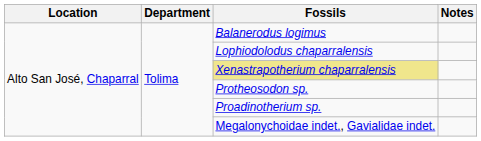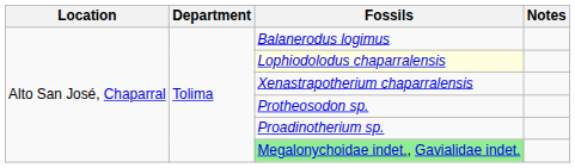 <table class="wikitable sortable mw-collapsible">
 <tr>
 <th>Location</th>
 <th>Department</th>
 <th>Fossils</th>
 <th class=unsortable>Notes</th>
 </tr>
 <tr>
 <td rowspan=6>Alto San José, <a href='#'>Chaparral</a></td>
 <td rowspan=6><a href='#'>Tolima</a></td>
 <td><em><a href='#'>Balanerodus logimus</a></em></td>
 <td></td>
 </tr>
 <tr>
-<td><em><a href='#'>Lophiodolodus chaparralensis</a></em></td>
+<td style="background: lightyellow;"><em><a href='#'>Lophiodolodus chaparralensis</a></em></td>
 <td></td>
 </tr>
 <tr>
-<td style="background: khaki;"><em><a href='#'>Xenastrapotherium chaparralensis</a></em></td>
+<td><em><a href='#'>Xenastrapotherium chaparralensis</a></em></td>
 <td></td>
 </tr>
 <tr>
 <td><em><a href='#'>Protheosodon sp.</a></em></td>
 <td></td>
 </tr>
 <tr>
 <td><em><a href='#'>Proadinotherium sp.</a></em></td>
 <td></td>
 </tr>
 <tr>
-<td><a href='#'>Megalonychoidae indet.</a>, <a href='#'>Gavialidae indet.</a></td>
+<td style="background: lightgreen;"><a href='#'>Megalonychoidae indet.</a>, <a href='#'>Gavialidae indet.</a></td>
 <td></td>
 </tr>
 </table>
